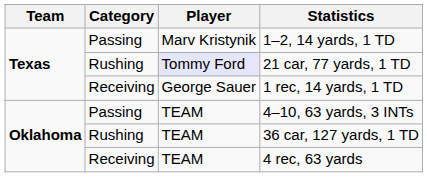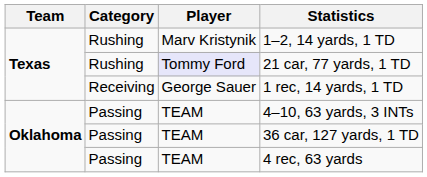 <table class="wikitable" style="float: right;">
 <tr>
 <th>Team</th>
 <th>Category</th>
 <th>Player</th>
 <th>Statistics</th>
 </tr>
 <tr>
 <td rowspan=3><strong>Texas</strong></td>
-<td>Passing</td>
+<td>Rushing</td>
 <td>Marv Kristynik</td>
 <td>1–2, 14 yards, 1 TD</td>
 </tr>
 <tr>
 <td>Rushing</td>
 <td style="background: lavender;">Tommy Ford</td>
 <td>21 car, 77 yards, 1 TD</td>
 </tr>
 <tr>
 <td>Receiving</td>
 <td>George Sauer</td>
 <td>1 rec, 14 yards, 1 TD</td>
 </tr>
 <tr>
 <td rowspan=3><strong>Oklahoma</strong></td>
 <td>Passing</td>
 <td>TEAM</td>
 <td>4–10, 63 yards, 3 INTs</td>
 </tr>
 <tr>
-<td>Rushing</td>
+<td>Passing</td>
 <td>TEAM</td>
 <td>36 car, 127 yards, 1 TD</td>
 </tr>
 <tr>
-<td>Receiving</td>
+<td>Passing</td>
 <td>TEAM</td>
 <td>4 rec, 63 yards</td>
 </tr>
 </table>
